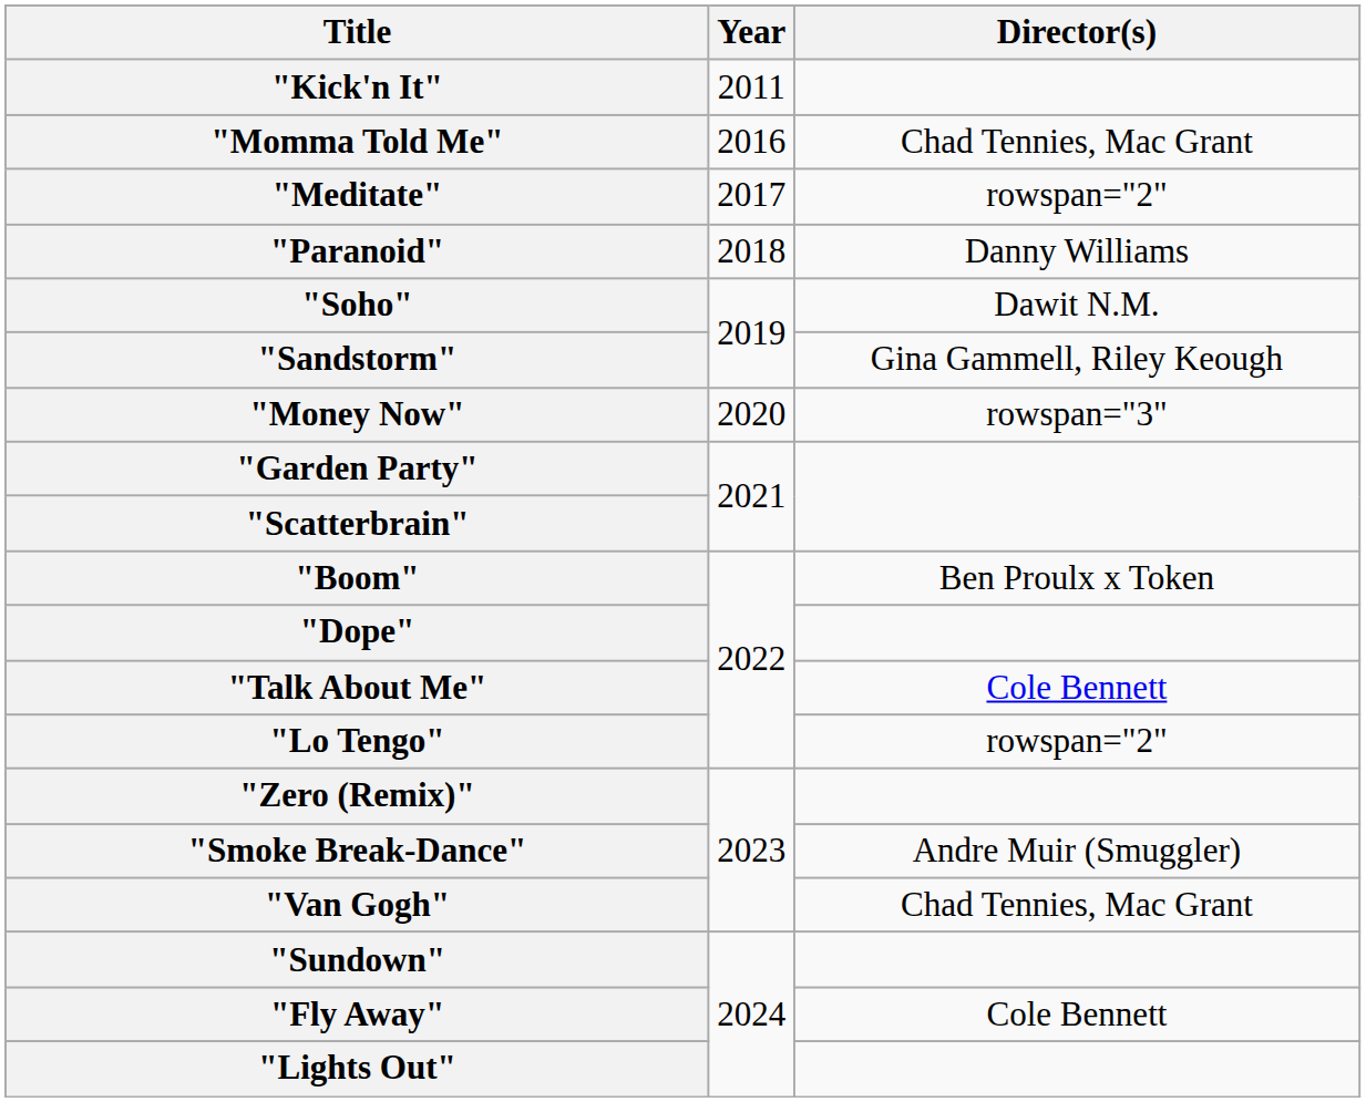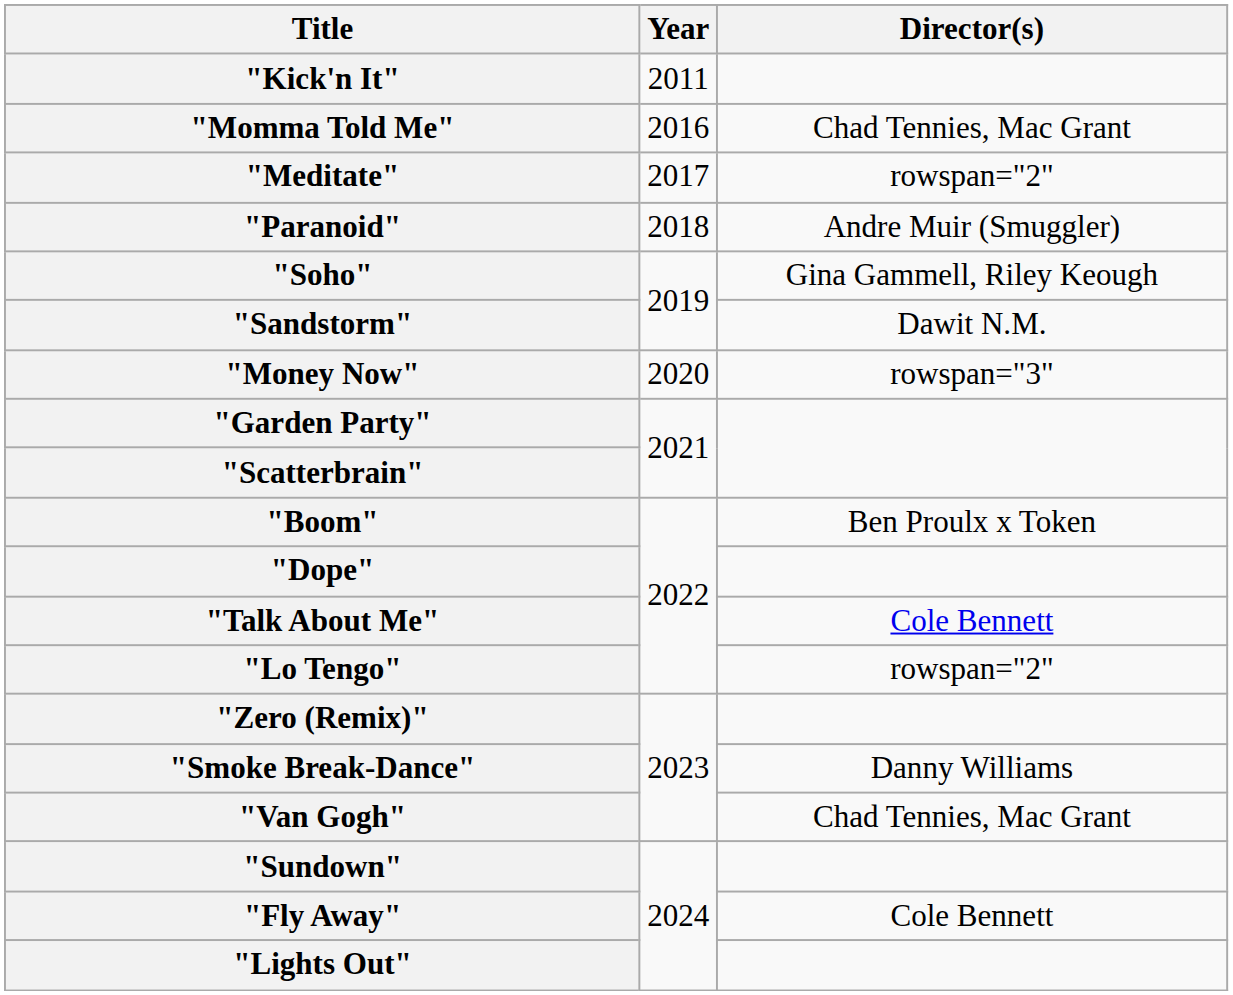 <table class="wikitable plainrowheaders" style="text-align:center;">
 <tr>
 <th style="width:20em;">Title</th>
 <th>Year</th>
 <th style="width:16em;">Director(s)</th>
 </tr>
 <tr>
 <th scope="row">"Kick'n It"<br></th>
 <td>2011</td>
 <td></td>
 </tr>
 <tr>
 <th scope="row">"Momma Told Me"<br></th>
 <td>2016</td>
 <td>Chad Tennies, Mac Grant</td>
 </tr>
 <tr>
 <th scope="row">"Meditate"<br></th>
 <td>2017</td>
 <td>rowspan="2" </td>
 </tr>
 <tr>
 <th scope="row">"Paranoid"<br></th>
 <td>2018</td>
-<td>Danny Williams</td>
+<td>Andre Muir (Smuggler)</td>
 </tr>
 <tr>
 <th scope="row">"Soho"<br></th>
 <td rowspan="2">2019</td>
-<td>Dawit N.M.</td>
+<td>Gina Gammell, Riley Keough</td>
 </tr>
 <tr>
 <th scope="row">"Sandstorm"<br></th>
-<td>Gina Gammell, Riley Keough</td>
+<td>Dawit N.M.</td>
 </tr>
 <tr>
 <th scope="row">"Money Now"<br></th>
 <td>2020</td>
 <td>rowspan="3" </td>
 </tr>
 <tr>
 <th scope="row">"Garden Party"<br></th>
 <td rowspan="2">2021</td>
 </tr>
 <tr>
 <th scope="row">"Scatterbrain"<br></th>
 </tr>
 <tr>
 <th scope="row">"Boom"<br></th>
 <td rowspan="4">2022</td>
 <td>Ben Proulx x Token</td>
 </tr>
 <tr>
 <th scope="row">"Dope"<br></th>
 <td></td>
 </tr>
 <tr>
 <th scope="row">"Talk About Me"<br></th>
 <td><a href='#'>Cole Bennett</a></td>
 </tr>
 <tr>
 <th scope="row">"Lo Tengo"<br></th>
 <td>rowspan="2" </td>
 </tr>
 <tr>
 <th scope="row">"Zero (Remix)"<br></th>
 <td rowspan="3">2023</td>
 </tr>
 <tr>
 <th scope="row">"Smoke Break-Dance"<br></th>
-<td>Andre Muir (Smuggler)</td>
+<td>Danny Williams</td>
 </tr>
 <tr>
 <th scope="row">"Van Gogh"<br></th>
 <td>Chad Tennies, Mac Grant</td>
 </tr>
 <tr>
 <th scope="row">"Sundown"<br></th>
 <td rowspan="3">2024</td>
 </tr>
 <tr>
 <th scope="row">"Fly Away"<br></th>
 <td>Cole Bennett</td>
 </tr>
 <tr>
 <th scope="row">"Lights Out"<br></th>
 <td></td>
 </tr>
 </table>
